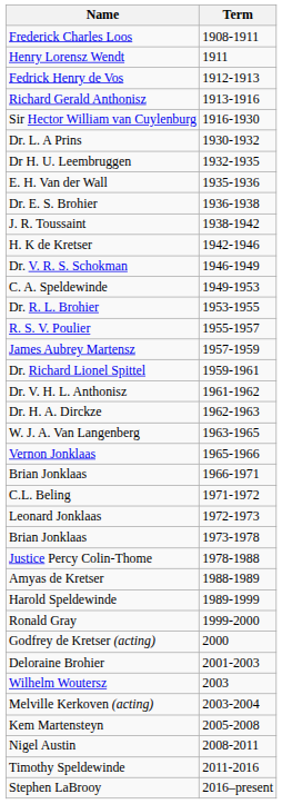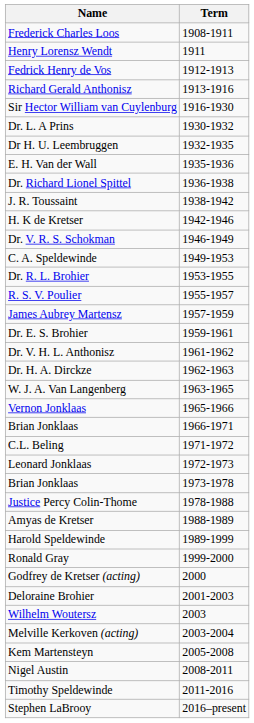 <table class="wikitable" border="1" style="margin: 1em auto;">
 <tr>
 <th>Name</th>
 <th>Term</th>
 </tr>
 <tr>
 <td><a href='#'>Frederick Charles Loos</a></td>
 <td>1908-1911</td>
 </tr>
 <tr>
 <td><a href='#'>Henry Lorensz Wendt</a></td>
 <td>1911</td>
 </tr>
 <tr>
 <td><a href='#'>Fedrick Henry de Vos</a></td>
 <td>1912-1913</td>
 </tr>
 <tr>
 <td><a href='#'>Richard Gerald Anthonisz</a></td>
 <td>1913-1916</td>
 </tr>
 <tr>
 <td>Sir <a href='#'>Hector William van Cuylenburg</a></td>
 <td>1916-1930</td>
 </tr>
 <tr>
 <td>Dr. L. A Prins</td>
 <td>1930-1932</td>
 </tr>
 <tr>
 <td>Dr H. U. Leembruggen</td>
 <td>1932-1935</td>
 </tr>
 <tr>
 <td>E. H. Van der Wall</td>
 <td>1935-1936</td>
 </tr>
 <tr>
-<td>Dr. E. S. Brohier</td>
+<td>Dr. <a href='#'>Richard Lionel Spittel</a></td>
 <td>1936-1938</td>
 </tr>
 <tr>
 <td>J. R. Toussaint</td>
 <td>1938-1942</td>
 </tr>
 <tr>
 <td>H. K de Kretser</td>
 <td>1942-1946</td>
 </tr>
 <tr>
 <td>Dr. <a href='#'>V. R. S. Schokman</a></td>
 <td>1946-1949</td>
 </tr>
 <tr>
 <td>C. A. Speldewinde</td>
 <td>1949-1953</td>
 </tr>
 <tr>
 <td>Dr. <a href='#'>R. L. Brohier</a></td>
 <td>1953-1955</td>
 </tr>
 <tr>
 <td><a href='#'>R. S. V. Poulier</a></td>
 <td>1955-1957</td>
 </tr>
 <tr>
 <td><a href='#'>James Aubrey Martensz</a></td>
 <td>1957-1959</td>
 </tr>
 <tr>
-<td>Dr. <a href='#'>Richard Lionel Spittel</a></td>
+<td>Dr. E. S. Brohier</td>
 <td>1959-1961</td>
 </tr>
 <tr>
 <td>Dr. V. H. L. Anthonisz</td>
 <td>1961-1962</td>
 </tr>
 <tr>
 <td>Dr. H. A. Dirckze</td>
 <td>1962-1963</td>
 </tr>
 <tr>
 <td>W. J. A. Van Langenberg</td>
 <td>1963-1965</td>
 </tr>
 <tr>
 <td><a href='#'>Vernon Jonklaas</a></td>
 <td>1965-1966</td>
 </tr>
 <tr>
 <td>Brian Jonklaas</td>
 <td>1966-1971</td>
 </tr>
 <tr>
 <td>C.L. Beling</td>
 <td>1971-1972</td>
 </tr>
 <tr>
 <td>Leonard Jonklaas</td>
 <td>1972-1973</td>
 </tr>
 <tr>
 <td>Brian Jonklaas</td>
 <td>1973-1978</td>
 </tr>
 <tr>
 <td><a href='#'>Justice</a> Percy Colin-Thome</td>
 <td>1978-1988</td>
 </tr>
 <tr>
 <td>Amyas de Kretser</td>
 <td>1988-1989</td>
 </tr>
 <tr>
 <td>Harold Speldewinde</td>
 <td>1989-1999</td>
 </tr>
 <tr>
 <td>Ronald Gray</td>
 <td>1999-2000</td>
 </tr>
 <tr>
 <td>Godfrey de Kretser <em>(acting)</em></td>
 <td>2000</td>
 </tr>
 <tr>
 <td>Deloraine Brohier</td>
 <td>2001-2003</td>
 </tr>
 <tr>
 <td><a href='#'>Wilhelm Woutersz</a></td>
 <td>2003</td>
 </tr>
 <tr>
 <td>Melville Kerkoven <em>(acting)</em></td>
 <td>2003-2004</td>
 </tr>
 <tr>
 <td>Kem Martensteyn</td>
 <td>2005-2008</td>
 </tr>
 <tr>
 <td>Nigel Austin</td>
 <td>2008-2011</td>
 </tr>
 <tr>
 <td>Timothy Speldewinde</td>
 <td>2011-2016</td>
 </tr>
 <tr>
 <td>Stephen LaBrooy</td>
 <td>2016–present</td>
 </tr>
 </table>
